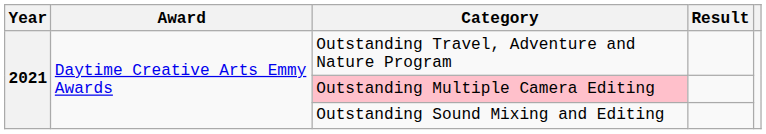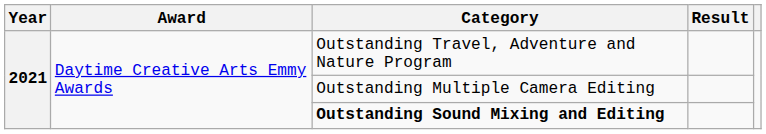 <table class="wikitable sortable plainrowheaders">
 <tr>
 <th scope="col" class="unsortable">Year</th>
 <th scope="col">Award</th>
 <th scope="col">Category</th>
 <th scope="col">Result</th>
 <th scope="col" class="unsortable"></th>
 </tr>
 <tr>
 <th rowspan="3" scope="row">2021</th>
 <td rowspan="3"><a href='#'>Daytime Creative Arts Emmy Awards</a></td>
 <td>Outstanding Travel, Adventure and Nature Program</td>
 <td></td>
 <td rowspan="3" style="text-align:center"></td>
 </tr>
 <tr>
-<td style="background: pink;">Outstanding Multiple Camera Editing</td>
+<td>Outstanding Multiple Camera Editing</td>
 <td></td>
 </tr>
 <tr>
-<td>Outstanding Sound Mixing and Editing</td>
+<td><strong>Outstanding Sound Mixing and Editing</strong></td>
 <td></td>
 </tr>
 </table>
